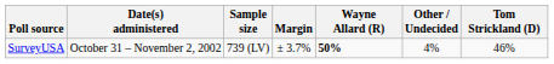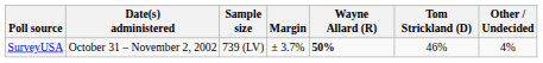 <table class="wikitable" style="font-size:90%">
 <tr valign=bottom>
 <th>Poll source</th>
 <th>Date(s)<br>administered</th>
 <th>Sample<br>size</th>
 <th>Margin<br></th>
 <th style="width:100px;">Wayne<br>Allard (R)</th>
+<th style="width:100px;">Tom<br>Strickland (D)</th>
 <th>Other /<br>Undecided</th>
-<th style="width:100px;">Tom<br>Strickland (D)</th>
 </tr>
 <tr>
 <td><a href='#'>SurveyUSA</a></td>
 <td align=center>October 31 – November 2, 2002</td>
 <td align=center>739 (LV)</td>
 <td align=center>± 3.7%</td>
 <td><strong>50%</strong></td>
+<td align=center>46%</td>
 <td align=center>4%</td>
-<td align=center>46%</td>
 </tr>
 </table>
